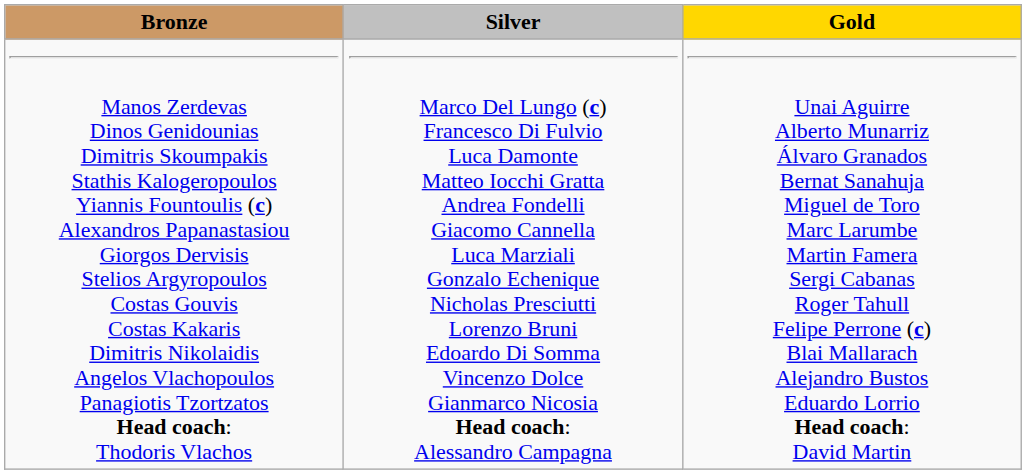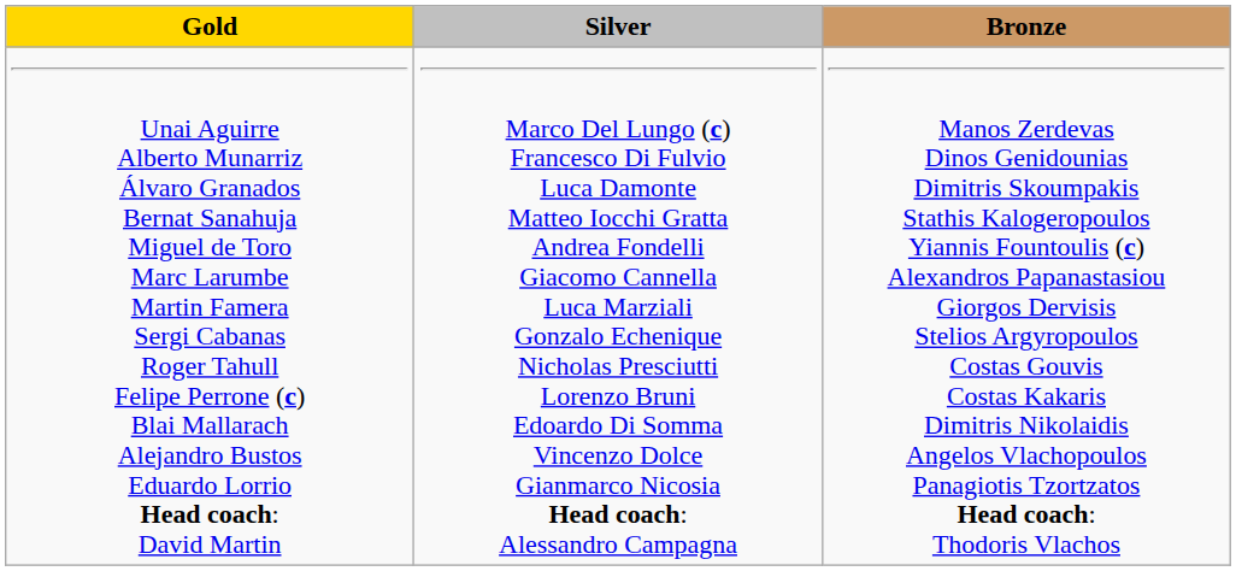 <table class="wikitable">
 <tr>
+<th style="text-align:center; width:15em; background-color:gold;">Gold</th>
+<th style="text-align:center; width:15em; background-color:silver;">Silver</th>
 <th style="text-align:center; width:15em; background-color:#CC9966;">Bronze</th>
-<th style="text-align:center; width:15em; background-color:silver;">Silver</th>
-<th style="text-align:center; width:15em; background-color:gold;">Gold</th>
 </tr>
 <tr>
+<td style="text-align:center; vertical-align:top;"><strong></strong> <hr><br><a href='#'>Unai Aguirre</a><br> <a href='#'>Alberto Munarriz</a><br> <a href='#'>Álvaro Granados</a><br> <a href='#'>Bernat Sanahuja</a><br> <a href='#'>Miguel de Toro</a><br> <a href='#'>Marc Larumbe</a><br> <a href='#'>Martin Famera</a><br> <a href='#'>Sergi Cabanas</a><br> <a href='#'>Roger Tahull</a><br> <a href='#'>Felipe Perrone</a> (<a href='#'><strong>c</strong></a>)<br> <a href='#'>Blai Mallarach</a><br> <a href='#'>Alejandro Bustos</a><br> <a href='#'>Eduardo Lorrio</a><br><strong>Head coach</strong>: <br><a href='#'>David Martin</a></td>
+<td style="text-align:center; vertical-align:top;"><strong></strong> <hr><br><a href='#'>Marco Del Lungo</a> (<a href='#'><strong>c</strong></a>)<br> <a href='#'>Francesco Di Fulvio</a><br> <a href='#'>Luca Damonte</a><br> <a href='#'>Matteo Iocchi Gratta</a> <br> <a href='#'>Andrea Fondelli</a><br> <a href='#'>Giacomo Cannella</a><br> <a href='#'>Luca Marziali</a><br> <a href='#'>Gonzalo Echenique</a><br> <a href='#'>Nicholas Presciutti</a><br> <a href='#'>Lorenzo Bruni</a><br> <a href='#'>Edoardo Di Somma</a><br> <a href='#'>Vincenzo Dolce</a><br> <a href='#'>Gianmarco Nicosia</a><br><strong>Head coach</strong>: <br><a href='#'>Alessandro Campagna</a></td>
 <td style="text-align:center; vertical-align:top;"><strong></strong> <hr><br><a href='#'>Manos Zerdevas</a><br><a href='#'>Dinos Genidounias</a><br><a href='#'>Dimitris Skoumpakis</a><br><a href='#'>Stathis Kalogeropoulos</a><br><a href='#'>Yiannis Fountoulis</a> (<a href='#'><strong>c</strong></a>)<br><a href='#'>Alexandros Papanastasiou</a><br><a href='#'>Giorgos Dervisis</a><br> <a href='#'>Stelios Argyropoulos</a><br><a href='#'>Costas Gouvis</a><br><a href='#'>Costas Kakaris</a><br><a href='#'>Dimitris Nikolaidis</a><br><a href='#'>Angelos Vlachopoulos</a><br><a href='#'>Panagiotis Tzortzatos</a><br><strong>Head coach</strong>: <br><a href='#'>Thodoris Vlachos</a></td>
-<td style="text-align:center; vertical-align:top;"><strong></strong> <hr><br><a href='#'>Marco Del Lungo</a> (<a href='#'><strong>c</strong></a>)<br> <a href='#'>Francesco Di Fulvio</a><br> <a href='#'>Luca Damonte</a><br> <a href='#'>Matteo Iocchi Gratta</a> <br> <a href='#'>Andrea Fondelli</a><br> <a href='#'>Giacomo Cannella</a><br> <a href='#'>Luca Marziali</a><br> <a href='#'>Gonzalo Echenique</a><br> <a href='#'>Nicholas Presciutti</a><br> <a href='#'>Lorenzo Bruni</a><br> <a href='#'>Edoardo Di Somma</a><br> <a href='#'>Vincenzo Dolce</a><br> <a href='#'>Gianmarco Nicosia</a><br><strong>Head coach</strong>: <br><a href='#'>Alessandro Campagna</a></td>
-<td style="text-align:center; vertical-align:top;"><strong></strong> <hr><br><a href='#'>Unai Aguirre</a><br> <a href='#'>Alberto Munarriz</a><br> <a href='#'>Álvaro Granados</a><br> <a href='#'>Bernat Sanahuja</a><br> <a href='#'>Miguel de Toro</a><br> <a href='#'>Marc Larumbe</a><br> <a href='#'>Martin Famera</a><br> <a href='#'>Sergi Cabanas</a><br> <a href='#'>Roger Tahull</a><br> <a href='#'>Felipe Perrone</a> (<a href='#'><strong>c</strong></a>)<br> <a href='#'>Blai Mallarach</a><br> <a href='#'>Alejandro Bustos</a><br> <a href='#'>Eduardo Lorrio</a><br><strong>Head coach</strong>: <br><a href='#'>David Martin</a></td>
 </tr>
 </table>
